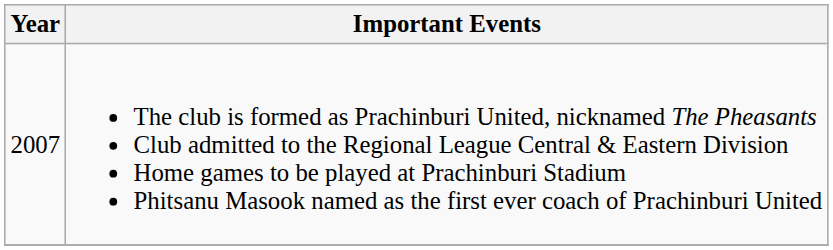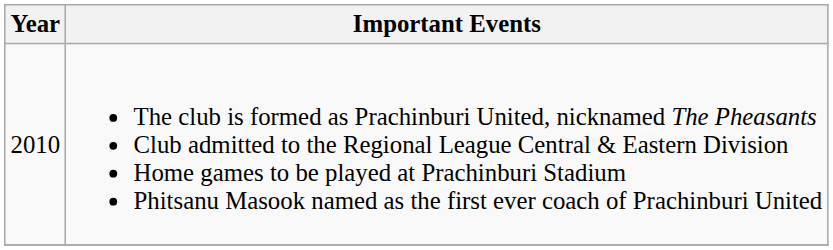 <table class="wikitable">
 <tr>
 <th>Year</th>
 <th>Important Events</th>
 </tr>
 <tr>
-<td>2007</td>
+<td>2010</td>
 <td><br><ul><li>The club is formed as Prachinburi United, nicknamed <em>The Pheasants</em></li><li>Club admitted to the Regional League Central & Eastern Division</li><li>Home games to be played at Prachinburi Stadium</li><li>Phitsanu Masook named as the first ever coach of Prachinburi United</li></ul></td>
 </tr>
 <tr>
 </tr>
 </table>
